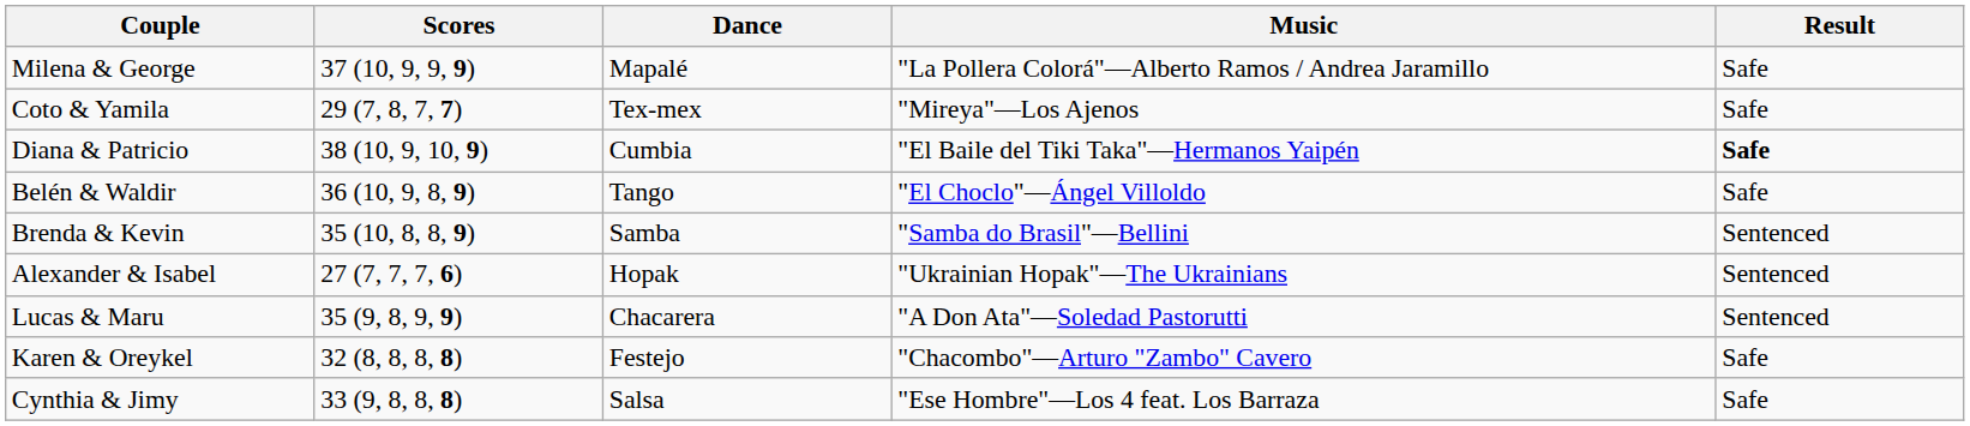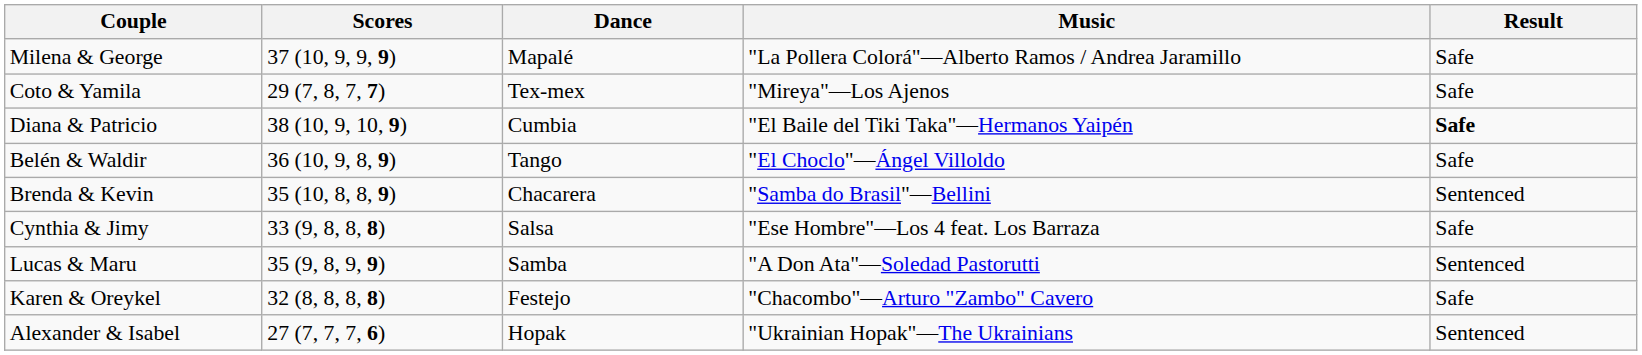 <table class="wikitable sortable" style="width:95%; white-space:nowrap;">
 <tr>
 <th style="width:15%;">Couple</th>
 <th style="width:14%;">Scores</th>
 <th style="width:14%;">Dance</th>
 <th style="width:40%;">Music</th>
 <th style="width:12%;">Result</th>
 </tr>
 <tr>
 <td>Milena & George</td>
 <td>37 (10, 9, 9, <strong>9</strong>)</td>
 <td> Mapalé</td>
 <td>"La Pollera Colorá"—Alberto Ramos / Andrea Jaramillo</td>
 <td>Safe</td>
 </tr>
 <tr>
 <td>Coto & Yamila</td>
 <td>29 (7, 8, 7, <strong>7</strong>)</td>
 <td> Tex-mex</td>
 <td>"Mireya"—Los Ajenos</td>
 <td>Safe</td>
 </tr>
 <tr>
 <td>Diana & Patricio</td>
 <td>38 (10, 9, 10, <strong>9</strong>)</td>
 <td> Cumbia</td>
 <td>"El Baile del Tiki Taka"—<a href='#'>Hermanos Yaipén</a></td>
 <td><strong>Safe</strong></td>
 </tr>
 <tr>
 <td>Belén & Waldir</td>
 <td>36 (10, 9, 8, <strong>9</strong>)</td>
 <td> Tango</td>
 <td>"<a href='#'>El Choclo</a>"—<a href='#'>Ángel Villoldo</a></td>
 <td>Safe</td>
 </tr>
 <tr>
 <td>Brenda & Kevin</td>
 <td>35 (10, 8, 8, <strong>9</strong>)</td>
-<td> Samba</td>
+<td> Chacarera</td>
 <td>"<a href='#'>Samba do Brasil</a>"—<a href='#'>Bellini</a></td>
 <td>Sentenced</td>
 </tr>
 <tr>
-<td>Alexander & Isabel</td>
-<td>27 (7, 7, 7, <strong>6</strong>)</td>
-<td> Hopak</td>
-<td>"Ukrainian Hopak"—<a href='#'>The Ukrainians</a></td>
-<td>Sentenced</td>
+<td>Cynthia & Jimy</td>
+<td>33 (9, 8, 8, <strong>8</strong>)</td>
+<td>Salsa</td>
+<td>"Ese Hombre"—Los 4 feat. Los Barraza</td>
+<td>Safe</td>
 </tr>
 <tr>
 <td>Lucas & Maru</td>
 <td>35 (9, 8, 9, <strong>9</strong>)</td>
-<td> Chacarera</td>
+<td> Samba</td>
 <td>"A Don Ata"—<a href='#'>Soledad Pastorutti</a></td>
 <td>Sentenced</td>
 </tr>
 <tr>
 <td>Karen & Oreykel</td>
 <td>32 (8, 8, 8, <strong>8</strong>)</td>
 <td> Festejo</td>
 <td>"Chacombo"—<a href='#'>Arturo "Zambo" Cavero</a></td>
 <td>Safe</td>
 </tr>
 <tr>
-<td>Cynthia & Jimy</td>
-<td>33 (9, 8, 8, <strong>8</strong>)</td>
-<td>Salsa</td>
-<td>"Ese Hombre"—Los 4 feat. Los Barraza</td>
-<td>Safe</td>
+<td>Alexander & Isabel</td>
+<td>27 (7, 7, 7, <strong>6</strong>)</td>
+<td> Hopak</td>
+<td>"Ukrainian Hopak"—<a href='#'>The Ukrainians</a></td>
+<td>Sentenced</td>
 </tr>
 </table>
